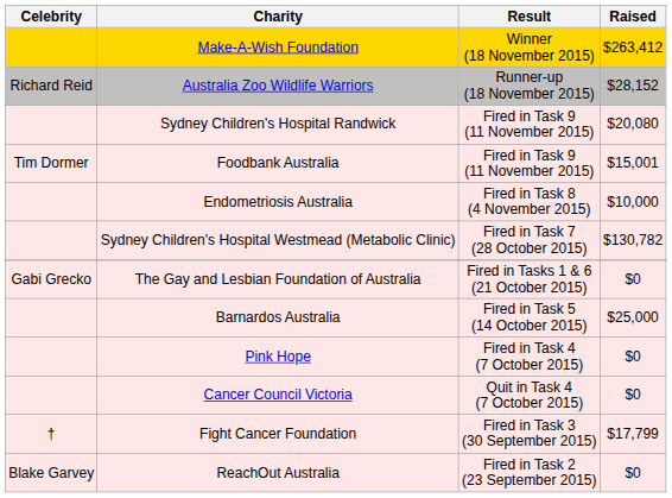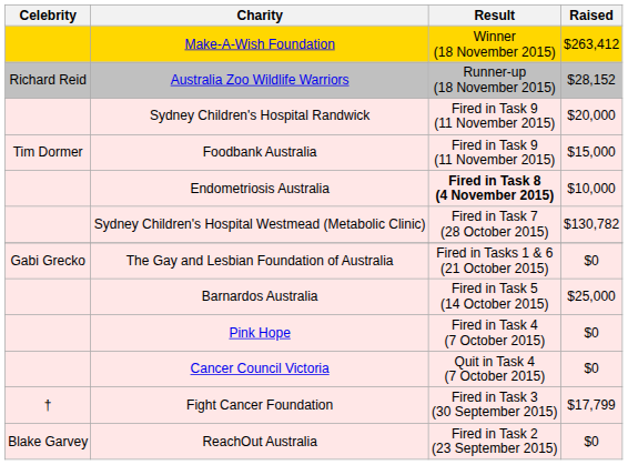 <table class="wikitable" style="text-align:center;">
 <tr>
 <th>Celebrity</th>
 <th>Charity</th>
 <th>Result</th>
 <th>Raised</th>
 </tr>
 <tr style="background:gold;">
 <td></td>
 <td><a href='#'>Make-A-Wish Foundation</a></td>
 <td>Winner<br>(18 November 2015)</td>
 <td>$263,412</td>
 </tr>
 <tr style="background:silver;">
 <td>Richard Reid</td>
 <td><a href='#'>Australia Zoo Wildlife Warriors</a></td>
 <td>Runner-up<br>(18 November 2015)</td>
 <td>$28,152</td>
 </tr>
 <tr style="background:#ffe7e7;">
 <td></td>
 <td>Sydney Children's Hospital Randwick</td>
 <td>Fired in Task 9<br>(11 November 2015)</td>
-<td>$20,080</td>
+<td>$20,000</td>
 </tr>
 <tr style="background:#ffe7e7;">
 <td>Tim Dormer</td>
 <td>Foodbank Australia</td>
 <td>Fired in Task 9<br>(11 November 2015)</td>
-<td>$15,001</td>
+<td>$15,000</td>
 </tr>
 <tr style="background:#ffe7e7;">
 <td></td>
 <td>Endometriosis Australia</td>
-<td>Fired in Task 8<br>(4 November 2015)</td>
+<td><strong>Fired in Task 8<br>(4 November 2015)</strong></td>
 <td>$10,000</td>
 </tr>
 <tr style="background:#ffe7e7;">
 <td></td>
 <td>Sydney Children's Hospital Westmead (Metabolic Clinic)</td>
 <td>Fired in Task 7<br>(28 October 2015)</td>
 <td>$130,782</td>
 </tr>
 <tr>
 </tr>
 <tr style="background:#ffe7e7;">
 <td>Gabi Grecko</td>
 <td>The Gay and Lesbian Foundation of Australia</td>
 <td>Fired in Tasks 1 & 6<br>(21 October 2015)</td>
 <td>$0</td>
 </tr>
 <tr style="background:#ffe7e7;">
 <td></td>
 <td>Barnardos Australia</td>
 <td>Fired in Task 5<br>(14 October 2015)</td>
 <td>$25,000</td>
 </tr>
 <tr style="background:#ffe7e7;">
 <td></td>
 <td><a href='#'>Pink Hope</a></td>
 <td>Fired in Task 4<br>(7 October 2015)</td>
 <td>$0</td>
 </tr>
 <tr style="background:#ffe7e7;">
 <td></td>
 <td><a href='#'>Cancer Council Victoria</a></td>
 <td>Quit in Task 4<br>(7 October 2015)</td>
 <td>$0</td>
 </tr>
 <tr style="background:#ffe7e7;">
 <td>†</td>
 <td>Fight Cancer Foundation</td>
 <td>Fired in Task 3<br>(30 September 2015)</td>
 <td>$17,799</td>
 </tr>
 <tr style="background:#ffe7e7;">
 <td>Blake Garvey</td>
 <td>ReachOut Australia</td>
 <td>Fired in Task 2<br>(23 September 2015)</td>
 <td>$0</td>
 </tr>
 </table>
